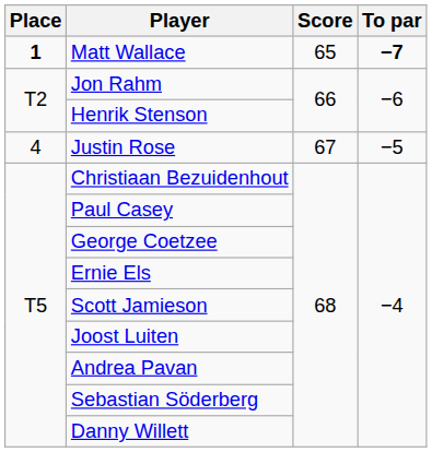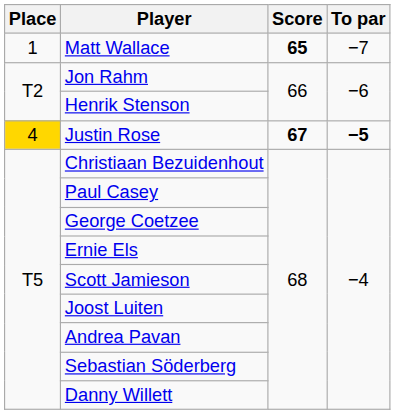 <table class="wikitable">
 <tr>
 <th>Place</th>
 <th>Player</th>
 <th>Score</th>
 <th>To par</th>
 </tr>
 <tr>
-<td align=center><strong>1</strong></td>
+<td align=center>1</td>
 <td> <a href='#'>Matt Wallace</a></td>
-<td align=center>65</td>
-<td align=center><strong>−7</strong></td>
+<td align=center><strong>65</strong></td>
+<td align=center>−7</td>
 </tr>
 <tr>
 <td align=center rowspan=2>T2</td>
 <td> <a href='#'>Jon Rahm</a></td>
 <td align=center rowspan=2>66</td>
 <td align=center rowspan=2>−6</td>
 </tr>
 <tr>
 <td> <a href='#'>Henrik Stenson</a></td>
 </tr>
 <tr>
-<td align=center>4</td>
+<td align=center style="background: gold;">4</td>
 <td> <a href='#'>Justin Rose</a></td>
-<td align=center>67</td>
-<td align=center>−5</td>
+<td align=center><strong>67</strong></td>
+<td align=center><strong>−5</strong></td>
 </tr>
 <tr>
 <td align=center rowspan=9>T5</td>
 <td> <a href='#'>Christiaan Bezuidenhout</a></td>
 <td align=center rowspan=9>68</td>
 <td align=center rowspan=9>−4</td>
 </tr>
 <tr>
 <td> <a href='#'>Paul Casey</a></td>
 </tr>
 <tr>
 <td> <a href='#'>George Coetzee</a></td>
 </tr>
 <tr>
 <td> <a href='#'>Ernie Els</a></td>
 </tr>
 <tr>
 <td> <a href='#'>Scott Jamieson</a></td>
 </tr>
 <tr>
 <td> <a href='#'>Joost Luiten</a></td>
 </tr>
 <tr>
 <td> <a href='#'>Andrea Pavan</a></td>
 </tr>
 <tr>
 <td> <a href='#'>Sebastian Söderberg</a></td>
 </tr>
 <tr>
 <td> <a href='#'>Danny Willett</a></td>
 </tr>
 </table>
